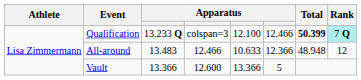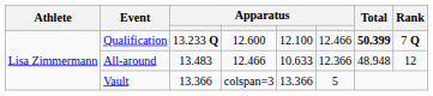 <table class="wikitable" style="font-size:90%">
 <tr>
 <th rowspan=2>Athlete</th>
 <th rowspan=2>Event</th>
 <th colspan=4>Apparatus</th>
 <th rowspan=2>Total</th>
 <th rowspan=2>Rank</th>
 </tr>
 <tr style="font-size:95%">
 <th></th>
 <th></th>
 <th></th>
 <th></th>
 </tr>
 <tr align=center>
 <td rowspan="9" align="left"><a href='#'>Lisa Zimmermann</a></td>
 <td align=left><a href='#'>Qualification</a></td>
 <td>13.233 <strong>Q</strong></td>
-<td>colspan=3 </td>
+<td>12.600</td>
 <td>12.100</td>
 <td>12.466</td>
 <td><strong>50.399</strong></td>
-<td style="background: paleturquoise;">7 <strong>Q</strong></td>
+<td>7 <strong>Q</strong></td>
 </tr>
 <tr align=center>
 <td align=left><a href='#'>All-around</a></td>
 <td>13.483</td>
 <td>12.466</td>
 <td>10.633</td>
 <td>12.366</td>
 <td>48.948</td>
 <td>12</td>
 </tr>
 <tr align=center>
 <td align=left><a href='#'>Vault</a></td>
 <td>13.366</td>
-<td>12.600</td>
+<td>colspan=3 </td>
 <td>13.366</td>
 <td>5</td>
 </tr>
 </table>
